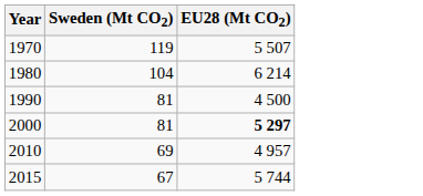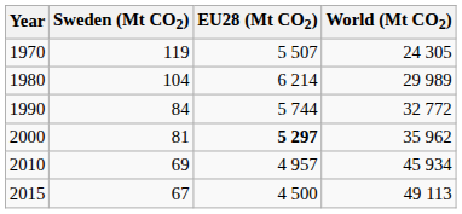 <table class="wikitable">
 <tr>
 <th style="text-align:right;">Year</th>
 <th>Sweden (Mt CO<sub>2</sub>)</th>
 <th>EU28 (Mt CO<sub>2</sub>)</th>
+<th>World (Mt CO<sub>2</sub>)</th>
 </tr>
 <tr style="text-align:right; |">
 <td>1970</td>
 <td>119</td>
 <td>5 507</td>
+<td>24 305</td>
 </tr>
 <tr style="text-align:right; |">
 <td>1980</td>
 <td>104</td>
 <td>6 214</td>
+<td>29 989</td>
 </tr>
 <tr style="text-align:right; |">
 <td>1990</td>
-<td>81</td>
-<td>4 500</td>
+<td>84</td>
+<td>5 744</td>
+<td>32 772</td>
 </tr>
 <tr style="text-align:right; |">
 <td>2000</td>
 <td>81</td>
 <td><strong>5 297</strong></td>
+<td>35 962</td>
 </tr>
 <tr style="text-align:right; |">
 <td>2010</td>
 <td>69</td>
 <td>4 957</td>
+<td>45 934</td>
 </tr>
 <tr style="text-align:right; |">
 <td>2015</td>
 <td>67</td>
-<td>5 744</td>
+<td>4 500</td>
+<td>49 113</td>
 </tr>
 </table>
